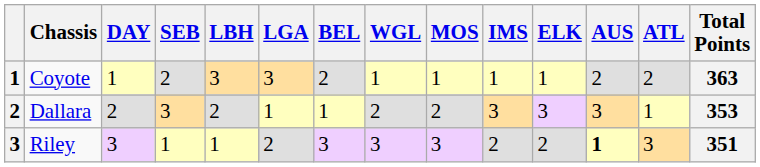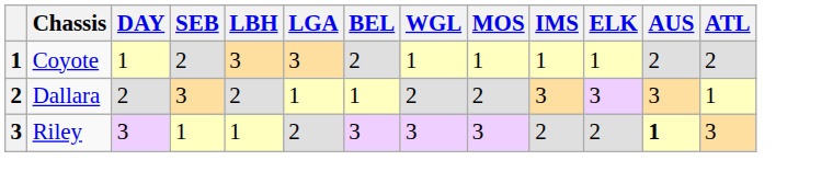 <table class="wikitable">
 <tr>
 <th></th>
 <th>Chassis</th>
 <th><a href='#'>DAY</a></th>
 <th><a href='#'>SEB</a></th>
 <th><a href='#'>LBH</a></th>
 <th><a href='#'>LGA</a></th>
 <th><a href='#'>BEL</a></th>
 <th><a href='#'>WGL</a></th>
 <th><a href='#'>MOS</a></th>
 <th><a href='#'>IMS</a></th>
 <th><a href='#'>ELK</a></th>
 <th><a href='#'>AUS</a></th>
 <th><a href='#'>ATL</a></th>
-<th>Total<br>Points</th>
 </tr>
 <tr>
 <th>1</th>
 <td><a href='#'>Coyote</a></td>
 <td style="background:#FFFFBF;”">1</td>
 <td style="background:#DFDFDF;”">2</td>
 <td style="background:#FFDF9F;”">3</td>
 <td style="background:#FFDF9F;”">3</td>
 <td style="background:#DFDFDF;”">2</td>
 <td style="background:#FFFFBF;”">1</td>
 <td style="background:#FFFFBF;”">1</td>
 <td style="background:#FFFFBF;”">1</td>
 <td style="background:#FFFFBF;”">1</td>
 <td style="background:#DFDFDF;”">2</td>
 <td style="background:#DFDFDF;”">2</td>
-<th>363</th>
 </tr>
 <tr>
 <th>2</th>
 <td><a href='#'>Dallara</a></td>
 <td style="background:#DFDFDF;”">2</td>
 <td style="background:#FFDF9F;”">3</td>
 <td style="background:#DFDFDF;”">2</td>
 <td style="background:#FFFFBF;”">1</td>
 <td style="background:#FFFFBF;”">1</td>
 <td style="background:#DFDFDF;”">2</td>
 <td style="background:#DFDFDF;”">2</td>
 <td style="background:#FFDF9F;”">3</td>
 <td style="background:#EFCFFF;">3</td>
 <td style="background:#FFDF9F;”">3</td>
 <td style="background:#FFFFBF;”">1</td>
-<th>353</th>
 </tr>
 <tr>
 <th>3</th>
 <td><a href='#'>Riley</a></td>
 <td style="background:#EFCFFF;">3</td>
 <td style="background:#FFFFBF;”">1</td>
 <td style="background:#FFFFBF;”">1</td>
 <td style="background:#DFDFDF;”">2</td>
 <td style="background:#EFCFFF;">3</td>
 <td style="background:#EFCFFF;">3</td>
 <td style="background:#EFCFFF;">3</td>
 <td style="background:#DFDFDF;”">2</td>
 <td style="background:#DFDFDF;”">2</td>
 <td style="background:#FFFFBF;”"><strong>1</strong></td>
 <td style="background:#FFDF9F;”">3</td>
-<th>351</th>
 </tr>
 </table>
